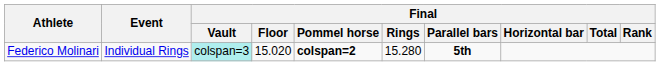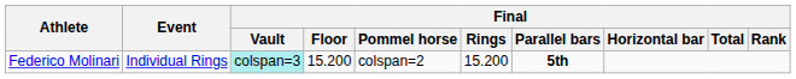 <table class="wikitable" style="font-size:90%">
 <tr>
 <th rowspan="2">Athlete</th>
 <th rowspan="2">Event</th>
 <th colspan = "8">Final</th>
 </tr>
 <tr>
 <th>Vault</th>
 <th>Floor</th>
 <th>Pommel horse</th>
 <th>Rings</th>
 <th>Parallel bars</th>
 <th>Horizontal bar</th>
 <th>Total</th>
 <th>Rank</th>
 </tr>
 <tr>
 <td><a href='#'>Federico Molinari</a></td>
 <td><a href='#'>Individual Rings</a></td>
 <td style="background: paleturquoise;">colspan=3 </td>
-<td align=center>15.020</td>
-<td><strong>colspan=2 </strong></td>
-<td align=center>15.280</td>
+<td align=center>15.200</td>
+<td>colspan=2 </td>
+<td align=center>15.200</td>
 <td align=center><strong>5th</strong></td>
 </tr>
 </table>
